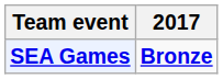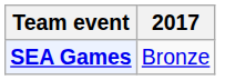 <table style='font-size: 90%; text-align:center;' class='wikitable'>
 <tr>
 <th>Team event</th>
 <th>2017</th>
 </tr>
 <tr>
 <td bgcolor="#ECF2FF"; align="left"><strong><a href='#'>SEA Games</a></strong></td>
-<td><strong> <a href='#'>Bronze</a></strong></td>
+<td> <a href='#'>Bronze</a></td>
 </tr>
 </table>
